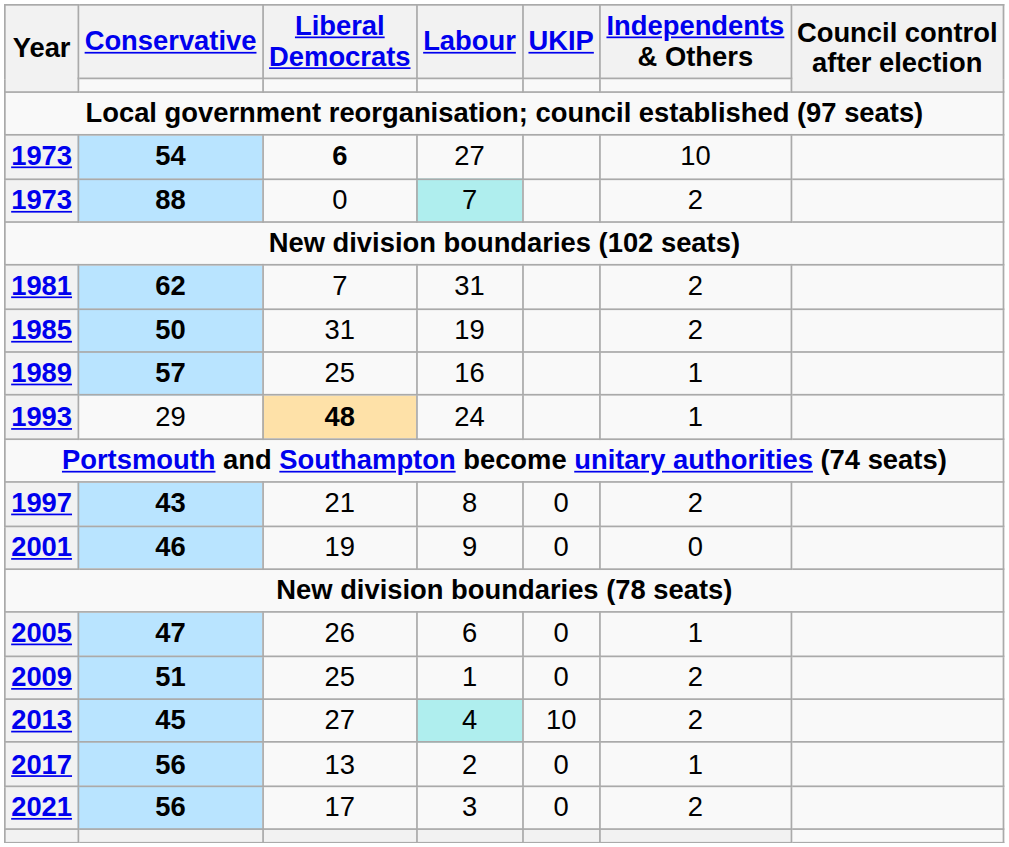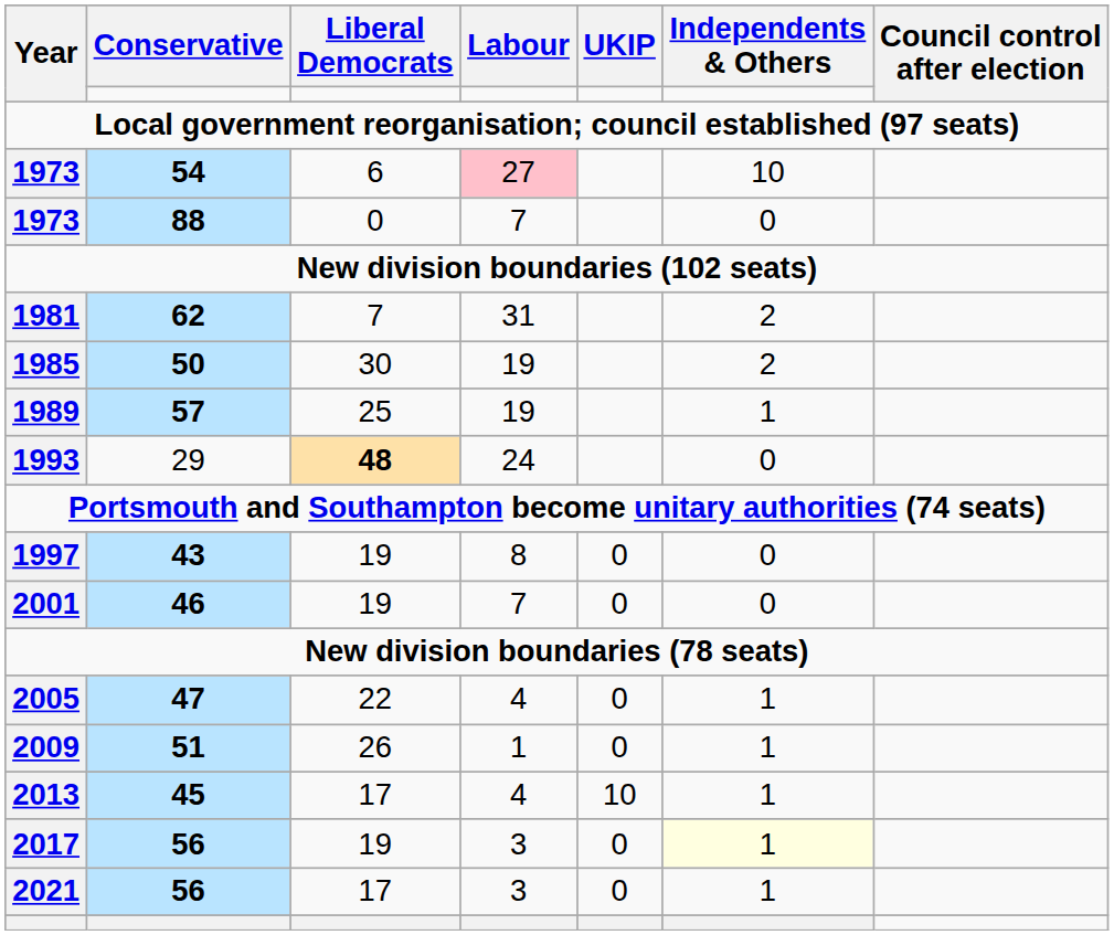 <table class="wikitable plainrowheaders" style="text-align:center">
 <tr>
 <th scope="col" rowspan="2">Year</th>
 <th scope="col"><a href='#'>Conservative</a></th>
 <th scope="col" style="width:1px"><a href='#'>Liberal Democrats</a></th>
 <th scope="col"><a href='#'>Labour</a></th>
 <th scope="col"><a href='#'>UKIP</a></th>
 <th scope="col"><a href='#'>Independents</a><br>& Others</th>
 <th scope="col" rowspan="2" colspan="2">Council control<br>after election</th>
 </tr>
 <tr>
 <td style="background:"></td>
 <td style="background:"></td>
 <td style="background:"></td>
 <td style="background:"></td>
 <td style="background:"></td>
 </tr>
 <tr>
 <td colspan="9"><strong>Local government reorganisation; council established (97 seats)</strong></td>
 </tr>
 <tr>
 <th scope="row"><a href='#'>1973</a></th>
 <td style="background:#B9E4FF;"><strong>54</strong></td>
-<td><strong>6</strong></td>
-<td>27</td>
+<td>6</td>
+<td style="background: pink;">27</td>
 <td></td>
 <td>10</td>
 <td></td>
 </tr>
 <tr>
 <th scope="row"><a href='#'>1973</a></th>
 <td style="background:#B9E4FF;"><strong>88</strong></td>
 <td>0</td>
-<td style="background: paleturquoise;">7</td>
+<td>7</td>
 <td></td>
-<td>2</td>
+<td>0</td>
 <td></td>
 </tr>
 <tr>
 <td colspan="9"><strong>New division boundaries (102 seats)</strong></td>
 </tr>
 <tr>
 <th scope="row"><a href='#'>1981</a></th>
 <td style="background:#B9E4FF;"><strong>62</strong></td>
 <td>7</td>
 <td>31</td>
 <td></td>
 <td>2</td>
 <td></td>
 </tr>
 <tr>
 <th scope="row"><a href='#'>1985</a></th>
 <td style="background:#B9E4FF;"><strong>50</strong></td>
-<td>31</td>
+<td>30</td>
 <td>19</td>
 <td></td>
 <td>2</td>
 <td></td>
 </tr>
 <tr>
 <th scope="row"><a href='#'>1989</a></th>
 <td style="background:#B9E4FF;"><strong>57</strong></td>
 <td>25</td>
-<td>16</td>
+<td>19</td>
 <td></td>
 <td>1</td>
 <td></td>
 </tr>
 <tr>
 <th scope="row"><a href='#'>1993</a></th>
 <td>29</td>
 <td style="background:#FEE1A8"><strong>48</strong></td>
 <td>24</td>
 <td></td>
-<td>1</td>
+<td>0</td>
 <td></td>
 </tr>
 <tr>
 <td colspan="9"><strong><a href='#'>Portsmouth</a> and <a href='#'>Southampton</a> become <a href='#'>unitary authorities</a> (74 seats)</strong></td>
 </tr>
 <tr>
 <th scope="row"><a href='#'>1997</a></th>
 <td style="background:#B9E4FF;"><strong>43</strong></td>
-<td>21</td>
+<td>19</td>
 <td>8</td>
 <td>0</td>
-<td>2</td>
+<td>0</td>
 <td></td>
 </tr>
 <tr>
 <th scope="row"><a href='#'>2001</a></th>
 <td style="background:#B9E4FF;"><strong>46</strong></td>
 <td>19</td>
-<td>9</td>
+<td>7</td>
 <td>0</td>
 <td>0</td>
 <td></td>
 </tr>
 <tr>
 <td colspan="9"><strong>New division boundaries (78 seats)</strong></td>
 </tr>
 <tr>
 <th scope="row"><a href='#'>2005</a></th>
 <td style="background:#B9E4FF;"><strong>47</strong></td>
-<td>26</td>
-<td>6</td>
+<td>22</td>
+<td>4</td>
 <td>0</td>
 <td>1</td>
 <td></td>
 </tr>
 <tr>
 <th scope="row"><a href='#'>2009</a></th>
 <td style="background:#B9E4FF;"><strong>51</strong></td>
-<td>25</td>
+<td>26</td>
 <td>1</td>
 <td>0</td>
-<td>2</td>
+<td>1</td>
 <td></td>
 </tr>
 <tr>
 <th scope="row"><a href='#'>2013</a></th>
 <td style="background:#B9E4FF;"><strong>45</strong></td>
-<td>27</td>
-<td style="background: paleturquoise;">4</td>
+<td>17</td>
+<td>4</td>
 <td>10</td>
-<td>2</td>
+<td>1</td>
 <td></td>
 </tr>
 <tr>
 <th scope="row"><a href='#'>2017</a></th>
 <td style="background:#B9E4FF;"><strong>56</strong></td>
-<td>13</td>
-<td>2</td>
+<td>19</td>
+<td>3</td>
 <td>0</td>
-<td>1</td>
+<td style="background: lightyellow;">1</td>
 <td></td>
 </tr>
 <tr>
 <th scope="row"><a href='#'>2021</a></th>
 <td style="background:#B9E4FF;"><strong>56</strong></td>
 <td>17</td>
 <td>3</td>
 <td>0</td>
-<td>2</td>
+<td>1</td>
 <td></td>
 </tr>
 <tr>
 <th></th>
 <th style="background-color: "></th>
 <th style="background-color: "></th>
 <th style="background-color: "></th>
 <th style="background-color: "></th>
 <th style="background-color: "></th>
 </tr>
 </table>
